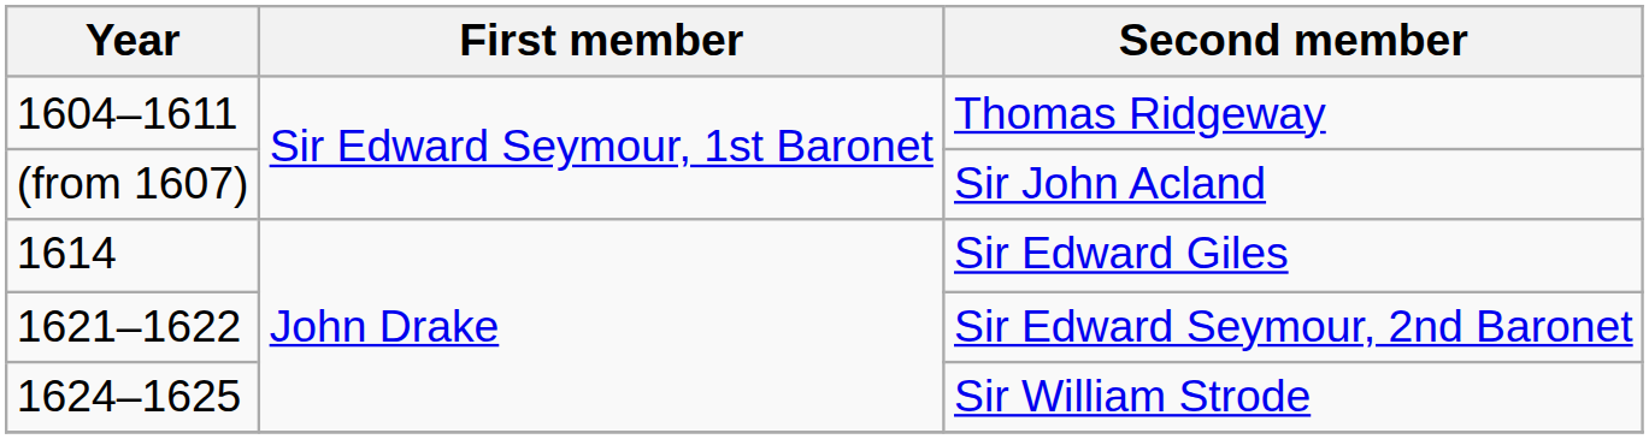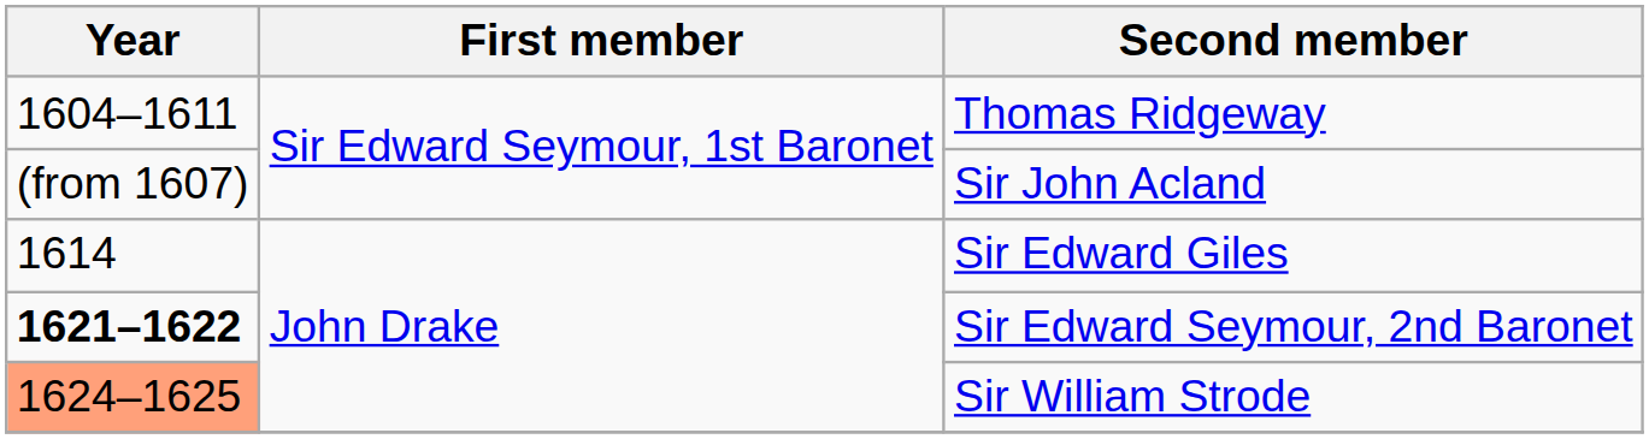 <table class="wikitable">
 <tr>
 <th>Year</th>
 <th>First member</th>
 <th>Second member</th>
 </tr>
 <tr>
 <td>1604–1611</td>
 <td rowspan="2"><a href='#'>Sir Edward Seymour, 1st Baronet</a></td>
 <td><a href='#'>Thomas Ridgeway</a></td>
 </tr>
 <tr>
 <td>(from 1607)</td>
 <td><a href='#'>Sir John Acland</a></td>
 </tr>
 <tr>
 <td>1614</td>
 <td rowspan="3"><a href='#'>John Drake</a></td>
 <td><a href='#'>Sir Edward Giles</a></td>
 </tr>
 <tr>
-<td>1621–1622</td>
+<td><strong>1621–1622</strong></td>
 <td><a href='#'>Sir Edward Seymour, 2nd Baronet</a></td>
 </tr>
 <tr>
-<td>1624–1625</td>
+<td style="background: lightsalmon;">1624–1625</td>
 <td><a href='#'>Sir William Strode</a></td>
 </tr>
 <tr>
 </tr>
 </table>
